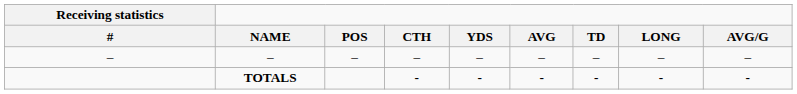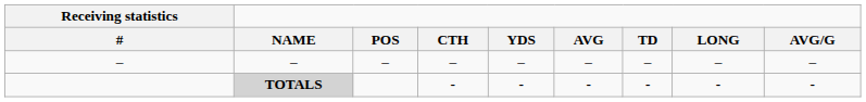 <table style="width:60%; text-align:center;" class="wikitable collapsible collapsed">
 <tr>
 <th style="text-align:center; ">Receiving statistics</th>
 </tr>
 <tr>
 <th>#</th>
 <th>NAME</th>
 <th>POS</th>
 <th>CTH</th>
 <th>YDS</th>
 <th>AVG</th>
 <th>TD</th>
 <th>LONG</th>
 <th>AVG/G</th>
 </tr>
 <tr>
 <td>–</td>
 <td>–</td>
 <td>–</td>
 <td>–</td>
 <td>–</td>
 <td>–</td>
 <td>–</td>
 <td>–</td>
 <td>–</td>
 </tr>
 <tr>
 <td></td>
-<td><strong>TOTALS</strong></td>
+<td style="background: lightgrey;"><strong>TOTALS</strong></td>
 <td></td>
 <td><strong>-</strong></td>
 <td><strong>-</strong></td>
 <td><strong>-</strong></td>
 <td><strong>-</strong></td>
 <td><strong>-</strong></td>
 <td><strong>-</strong></td>
 </tr>
 </table>
